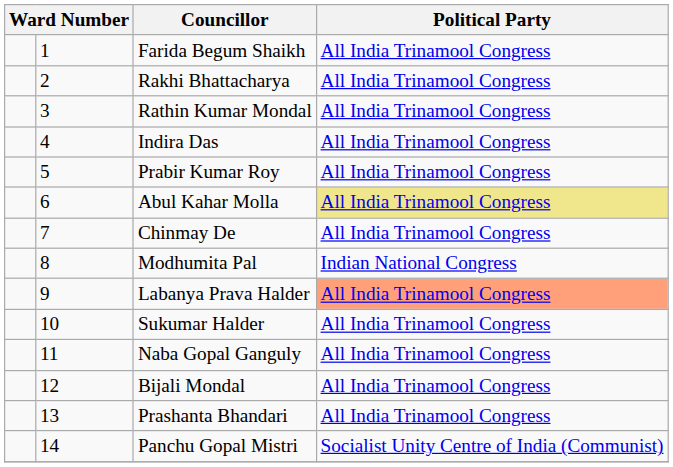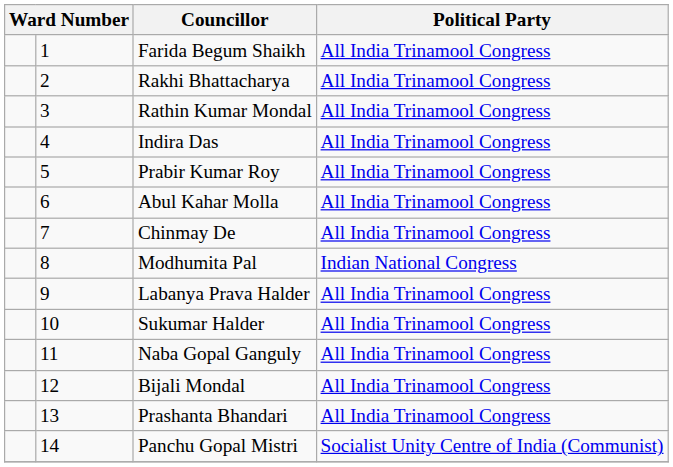 <table class="wikitable">
 <tr>
 <th colspan="2">Ward Number</th>
 <th>Councillor</th>
 <th>Political Party</th>
 </tr>
 <tr>
 <td style="background-color:"></td>
 <td>1</td>
 <td>Farida Begum Shaikh</td>
 <td><a href='#'>All India Trinamool Congress</a></td>
 </tr>
 <tr>
 <td style="background-color:"></td>
 <td>2</td>
 <td>Rakhi Bhattacharya</td>
 <td><a href='#'>All India Trinamool Congress</a></td>
 </tr>
 <tr>
 <td style="background-color:"></td>
 <td>3</td>
 <td>Rathin Kumar Mondal</td>
 <td><a href='#'>All India Trinamool Congress</a></td>
 </tr>
 <tr>
 <td style="background-color:"></td>
 <td>4</td>
 <td>Indira Das</td>
 <td><a href='#'>All India Trinamool Congress</a></td>
 </tr>
 <tr>
 <td style="background-color:"></td>
 <td>5</td>
 <td>Prabir Kumar Roy</td>
 <td><a href='#'>All India Trinamool Congress</a></td>
 </tr>
 <tr>
 <td style="background-color:"></td>
 <td>6</td>
 <td>Abul Kahar Molla</td>
-<td style="background: khaki;"><a href='#'>All India Trinamool Congress</a></td>
+<td><a href='#'>All India Trinamool Congress</a></td>
 </tr>
 <tr>
 <td style="background-color:"></td>
 <td>7</td>
 <td>Chinmay De</td>
 <td><a href='#'>All India Trinamool Congress</a></td>
 </tr>
 <tr>
 <td style="background-color:"></td>
 <td>8</td>
 <td>Modhumita Pal</td>
 <td><a href='#'>Indian National Congress</a></td>
 </tr>
 <tr>
 <td style="background-color:"></td>
 <td>9</td>
 <td>Labanya Prava Halder</td>
-<td style="background: lightsalmon;"><a href='#'>All India Trinamool Congress</a></td>
+<td><a href='#'>All India Trinamool Congress</a></td>
 </tr>
 <tr>
 <td style="background-color:"></td>
 <td>10</td>
 <td>Sukumar Halder</td>
 <td><a href='#'>All India Trinamool Congress</a></td>
 </tr>
 <tr>
 <td style="background-color:"></td>
 <td>11</td>
 <td>Naba Gopal Ganguly</td>
 <td><a href='#'>All India Trinamool Congress</a></td>
 </tr>
 <tr>
 <td style="background-color:"></td>
 <td>12</td>
 <td>Bijali Mondal</td>
 <td><a href='#'>All India Trinamool Congress</a></td>
 </tr>
 <tr>
 <td style="background-color:"></td>
 <td>13</td>
 <td>Prashanta Bhandari</td>
 <td><a href='#'>All India Trinamool Congress</a></td>
 </tr>
 <tr>
 <td style="background-color:"></td>
 <td>14</td>
 <td>Panchu Gopal Mistri</td>
 <td><a href='#'>Socialist Unity Centre of India (Communist)</a></td>
 </tr>
 <tr>
 </tr>
 </table>
